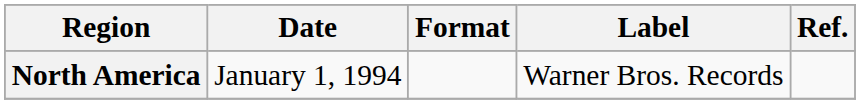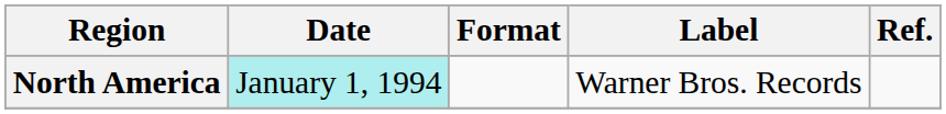 <table class="wikitable plainrowheaders">
 <tr>
 <th scope="col">Region</th>
 <th scope="col">Date</th>
 <th scope="col">Format</th>
 <th scope="col">Label</th>
 <th scope="col">Ref.</th>
 </tr>
 <tr>
 <th scope="row">North America</th>
-<td>January 1, 1994</td>
+<td style="background: paleturquoise;">January 1, 1994</td>
 <td></td>
 <td>Warner Bros. Records</td>
 <td></td>
 </tr>
 <tr>
 </tr>
 </table>
